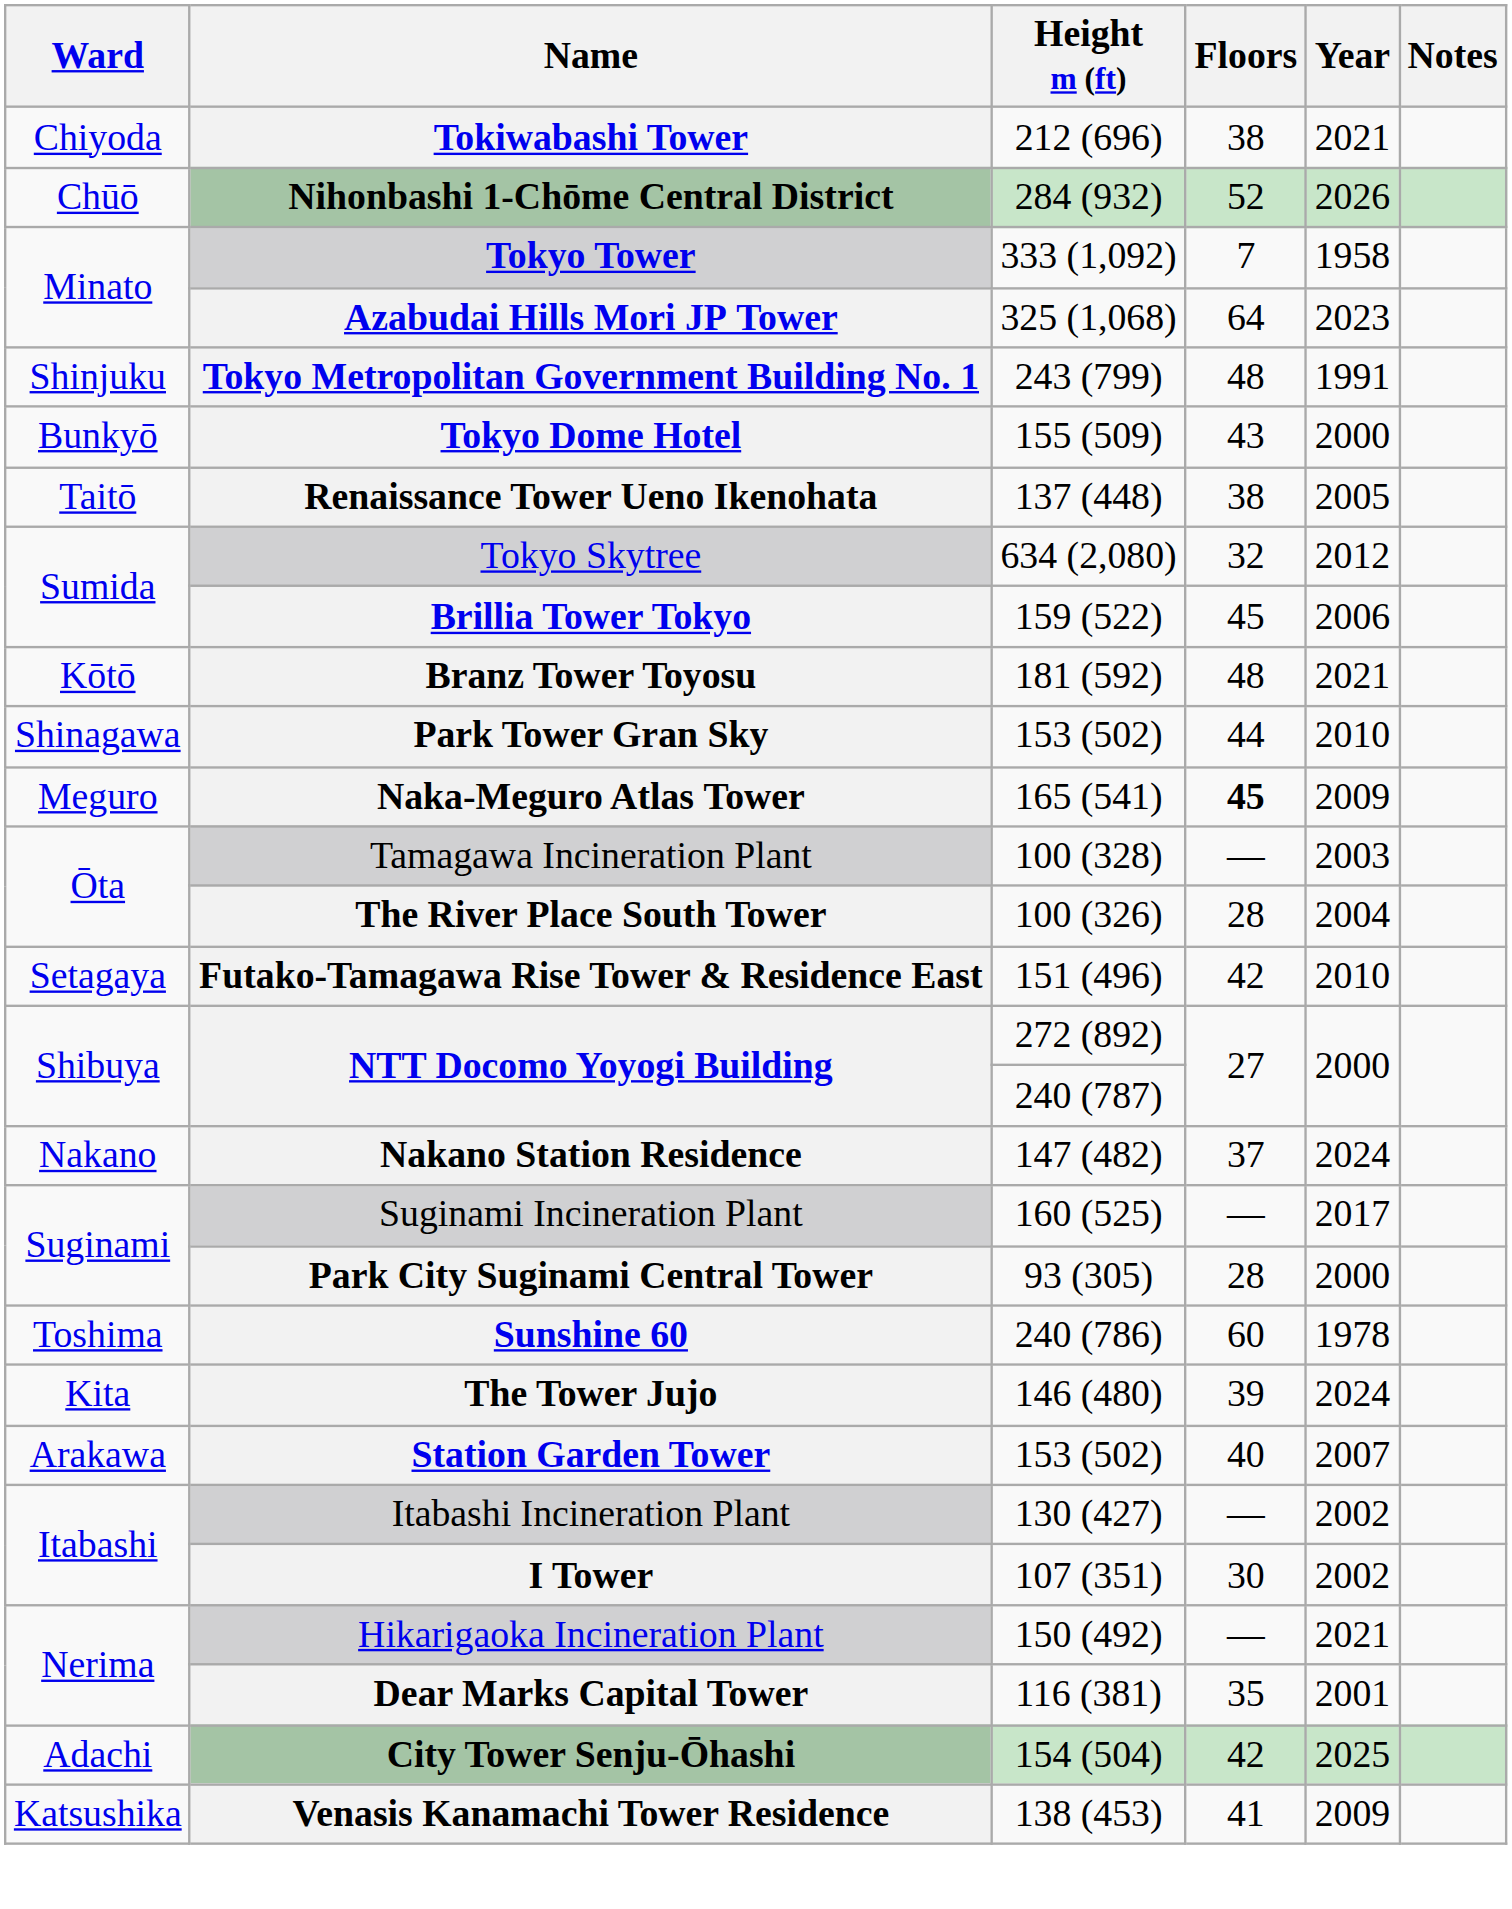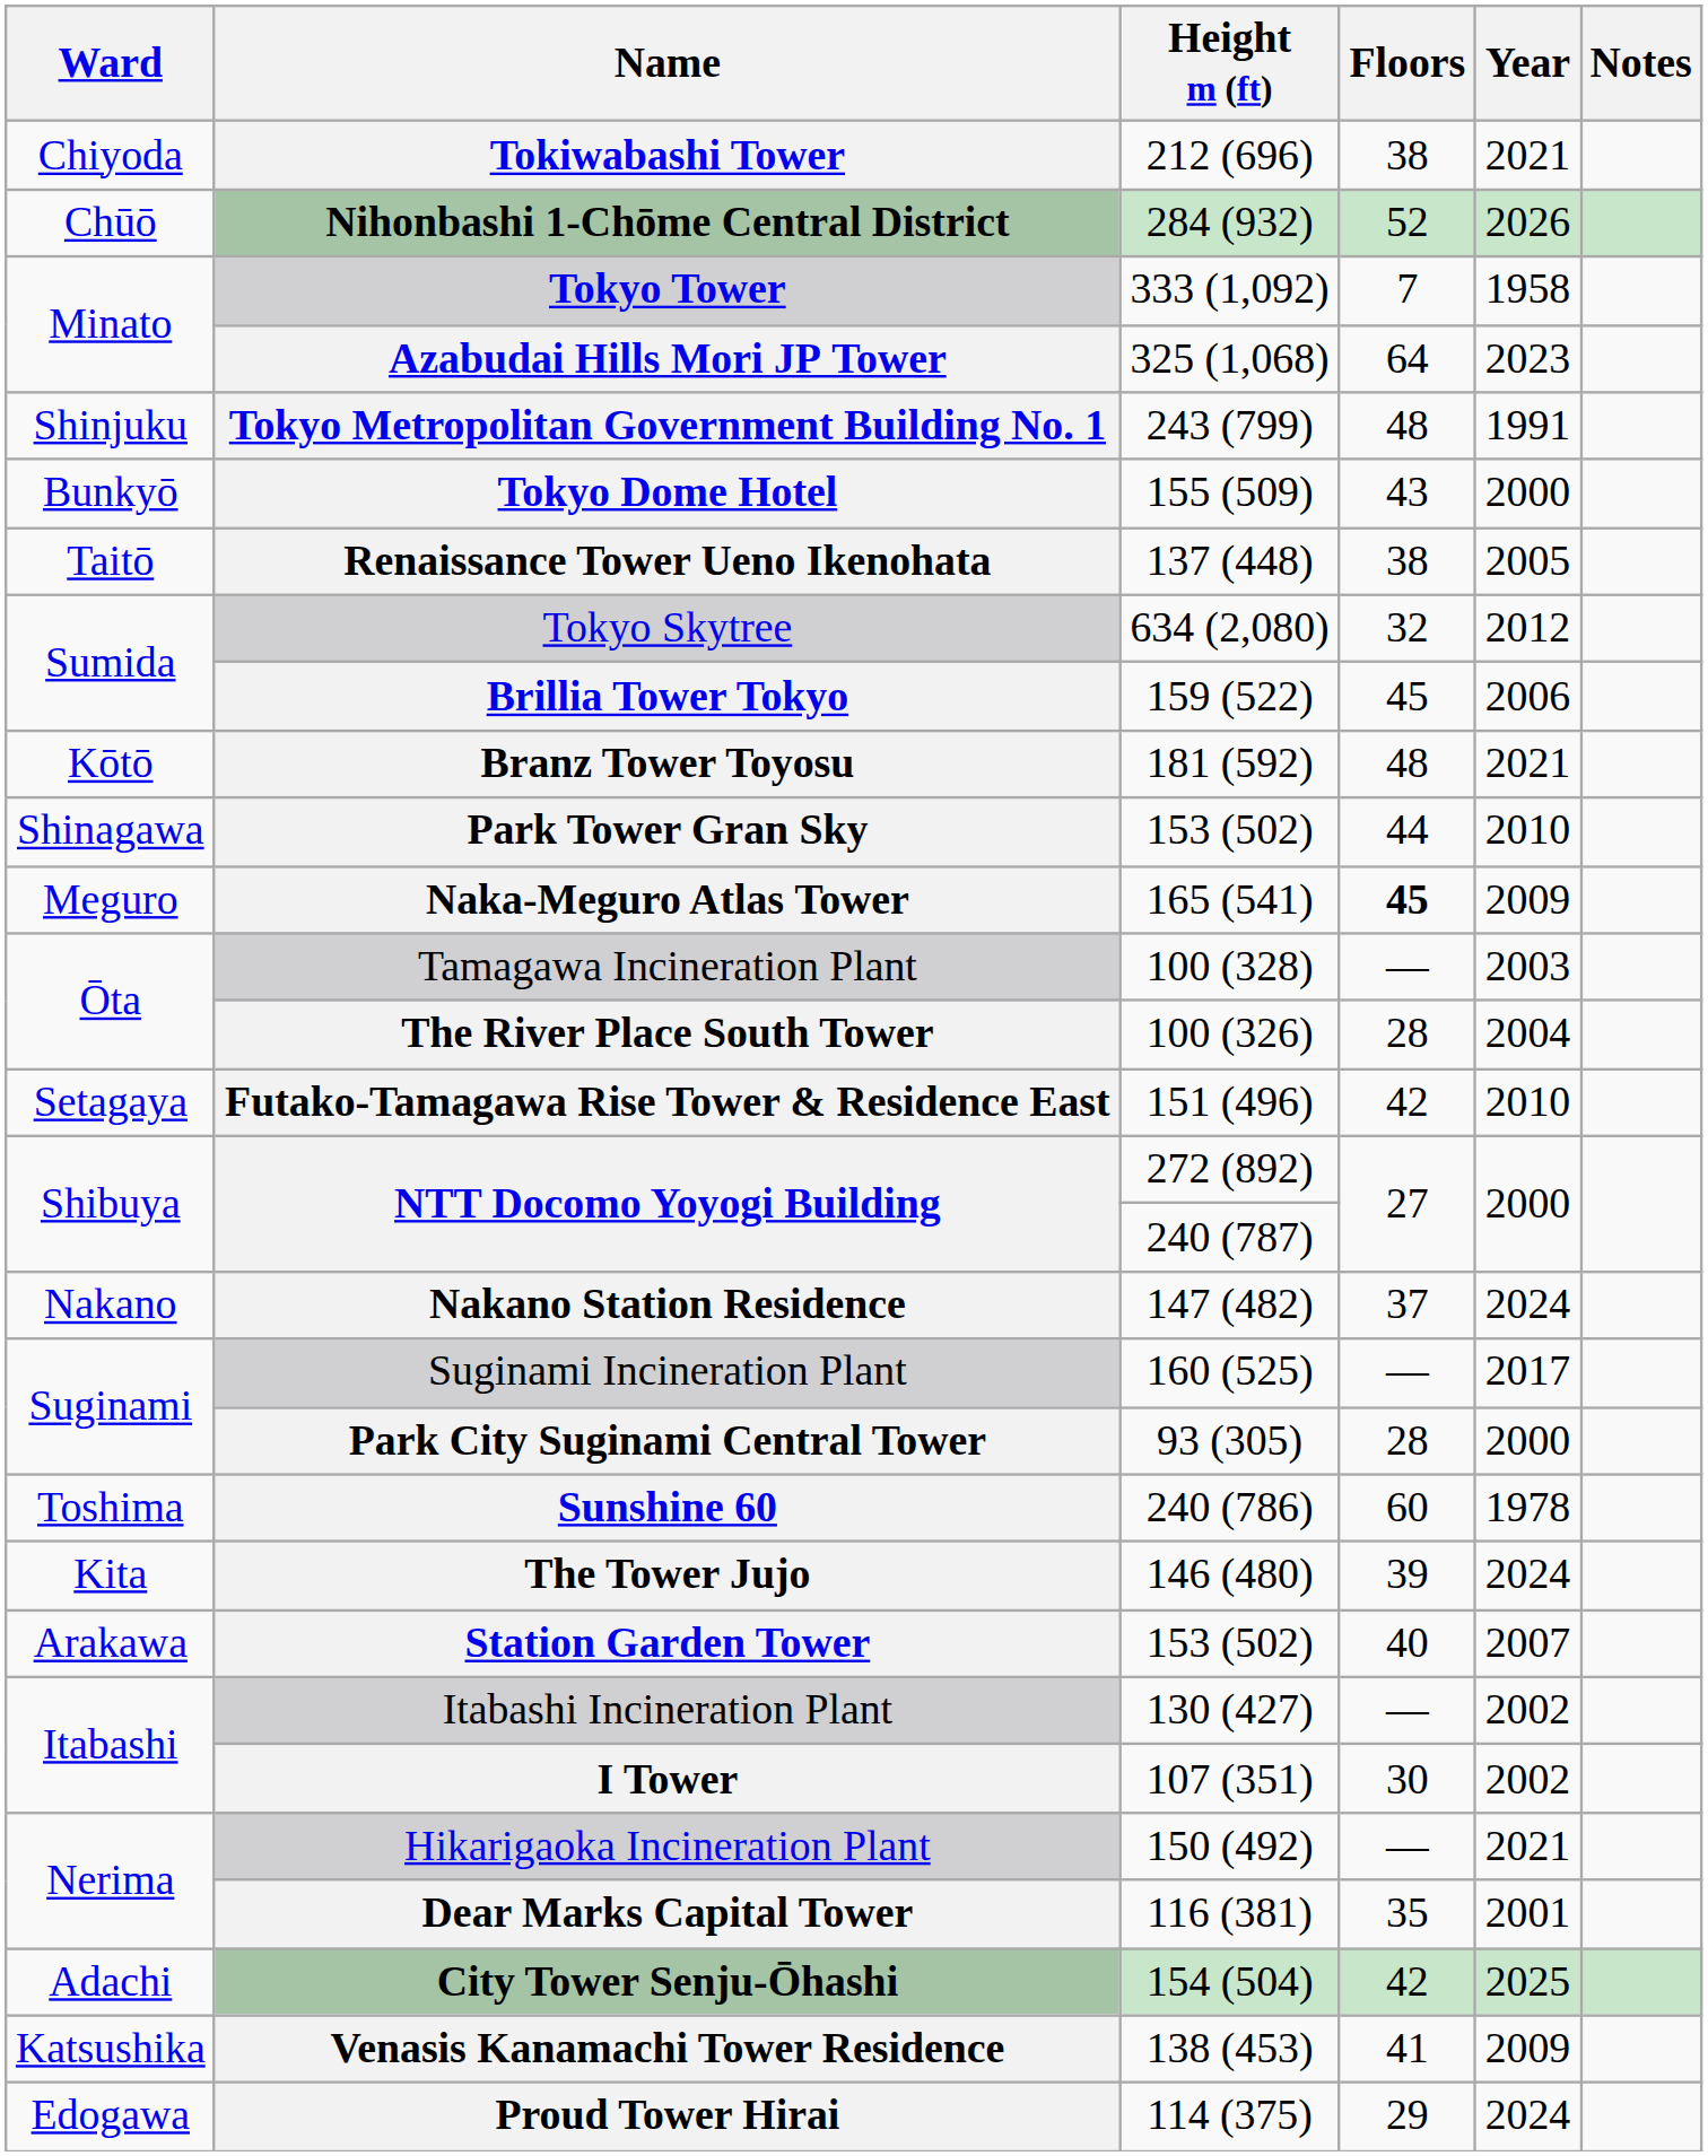 <table class="wikitable sortable plainrowheaders">
 <tr>
 <th scope="col"><a href='#'>Ward</a></th>
 <th scope="col">Name</th>
 <th scope="col" width="75px">Height<br><small><a href='#'>m</a> (<a href='#'>ft</a>)</small></th>
 <th scope="col">Floors</th>
 <th scope="col">Year</th>
 <th class="unsortable" scope="col">Notes</th>
 </tr>
 <tr>
 <td align="center"><a href='#'>Chiyoda</a></td>
 <th scope="row" style="text-align:center"><a href='#'>Tokiwabashi Tower</a></th>
 <td align="center">212 (696)</td>
 <td align="center">38</td>
 <td align="center">2021</td>
 <td></td>
 </tr>
 <tr>
 <td align="center"><a href='#'>Chūō</a></td>
 <th scope="row" style="text-align:center; background-color:#A4C4A5;">Nihonbashi 1-Chōme Central District</th>
 <td align="center" style="background:#C8E6C9;">284 (932)</td>
 <td align="center" style="background:#C8E6C9;">52</td>
 <td align="center" style="background:#C8E6C9;">2026</td>
 <td style="background:#C8E6C9;"></td>
 </tr>
 <tr>
 <td align="center" rowspan="2"><a href='#'>Minato</a></td>
 <th scope="row" style="text-align:center; background-color:#d0d0d2;"><a href='#'>Tokyo Tower</a></th>
 <td align="center" style>333 (1,092)</td>
 <td align="center" style>7</td>
 <td align="center" style>1958</td>
 <td style></td>
 </tr>
 <tr>
 <th scope="row" style="text-align:center"><a href='#'>Azabudai Hills Mori JP Tower</a></th>
 <td align="center">325 (1,068)</td>
 <td align="center">64</td>
 <td align="center">2023</td>
 <td></td>
 </tr>
 <tr>
 <td align="center"><a href='#'>Shinjuku</a></td>
 <th scope="row" style="text-align:center"><a href='#'>Tokyo Metropolitan Government Building No. 1</a></th>
 <td align="center">243 (799)</td>
 <td align="center">48</td>
 <td align="center">1991</td>
 <td></td>
 </tr>
 <tr>
 <td align="center"><a href='#'>Bunkyō</a></td>
 <th scope="row" style="text-align:center"><a href='#'>Tokyo Dome Hotel</a></th>
 <td align="center">155 (509)</td>
 <td align="center">43</td>
 <td align="center">2000</td>
 <td></td>
 </tr>
 <tr>
 <td align="center"><a href='#'>Taitō</a></td>
 <th scope="row" style="text-align:center">Renaissance Tower Ueno Ikenohata</th>
 <td align="center">137 (448)</td>
 <td align="center">38</td>
 <td align="center">2005</td>
 <td></td>
 </tr>
 <tr>
 <td align="center" rowspan="2"><a href='#'>Sumida</a></td>
 <td !scope="row" style="text-align:center; background-color:#d0d0d2;"><a href='#'>Tokyo Skytree</a></td>
 <td align="center" style>634 (2,080)</td>
 <td align="center" style>32</td>
 <td align="center" style>2012</td>
 <td style></td>
 </tr>
 <tr>
 <th scope="row" style="text-align:center"><a href='#'>Brillia Tower Tokyo</a></th>
 <td align="center">159 (522)</td>
 <td align="center">45</td>
 <td align="center">2006</td>
 <td></td>
 </tr>
 <tr>
 <td align="center"><a href='#'>Kōtō</a></td>
 <th scope="row" style="text-align:center">Branz Tower Toyosu</th>
 <td align="center">181 (592)</td>
 <td align="center">48</td>
 <td align="center">2021</td>
 <td></td>
 </tr>
 <tr>
 <td align="center"><a href='#'>Shinagawa</a></td>
 <th scope="row" style="text-align:center">Park Tower Gran Sky</th>
 <td align="center">153 (502)</td>
 <td align="center">44</td>
 <td align="center">2010</td>
 <td></td>
 </tr>
 <tr>
 <td align="center"><a href='#'>Meguro</a></td>
 <th scope="row" style="text-align:center">Naka-Meguro Atlas Tower</th>
 <td align="center">165 (541)</td>
 <td align="center"><strong>45</strong></td>
 <td align="center">2009</td>
 <td></td>
 </tr>
 <tr>
 <td align="center" rowspan="2"><a href='#'>Ōta</a></td>
 <td !scope="row" style="text-align:center; background-color:#d0d0d2;">Tamagawa Incineration Plant</td>
 <td align="center" style>100 (328)</td>
 <td align="center" style>—</td>
 <td align="center" style>2003</td>
 <td style></td>
 </tr>
 <tr>
 <th scope="row" style="text-align:center">The River Place South Tower</th>
 <td align="center">100 (326)</td>
 <td align="center">28</td>
 <td align="center">2004</td>
 <td></td>
 </tr>
 <tr>
 <td align="center"><a href='#'>Setagaya</a></td>
 <th scope="row" style="text-align:center">Futako-Tamagawa Rise Tower & Residence East</th>
 <td align="center">151 (496)</td>
 <td align="center">42</td>
 <td align="center">2010</td>
 <td></td>
 </tr>
 <tr>
 <td align="center" rowspan="2"><a href='#'>Shibuya</a></td>
 <th scope="row" style="text-align:center" rowspan="2"><a href='#'>NTT Docomo Yoyogi Building</a></th>
 <td align="center" style>272 (892)</td>
 <td align="center" rowspan="2">27</td>
 <td align="center" rowspan="2">2000</td>
 <td rowspan="2"></td>
 </tr>
 <tr>
 <td align="center">240 (787)</td>
 </tr>
 <tr>
 <td align="center"><a href='#'>Nakano</a></td>
 <th scope="row" style="text-align:center">Nakano Station Residence</th>
 <td align="center">147 (482)</td>
 <td align="center">37</td>
 <td align="center">2024</td>
 <td></td>
 </tr>
 <tr>
 <td align="center" rowspan="2"><a href='#'>Suginami</a></td>
 <td !scope="row" style="text-align:center; background-color:#d0d0d2;">Suginami Incineration Plant</td>
 <td align="center" style>160 (525)</td>
 <td align="center" style>—</td>
 <td align="center" style>2017</td>
 <td style></td>
 </tr>
 <tr>
 <th scope="row" style="text-align:center">Park City Suginami Central Tower</th>
 <td align="center">93 (305)</td>
 <td align="center">28</td>
 <td align="center">2000</td>
 <td></td>
 </tr>
 <tr>
 <td align="center"><a href='#'>Toshima</a></td>
 <th scope="row" style="text-align:center"><a href='#'>Sunshine 60</a></th>
 <td align="center">240 (786)</td>
 <td align="center">60</td>
 <td align="center">1978</td>
 <td></td>
 </tr>
 <tr>
 <td align="center"><a href='#'>Kita</a></td>
 <th scope="row" style="text-align:center">The Tower Jujo</th>
 <td align="center">146 (480)</td>
 <td align="center">39</td>
 <td align="center">2024</td>
 <td></td>
 </tr>
 <tr>
 <td align="center"><a href='#'>Arakawa</a></td>
 <th scope="row" style="text-align:center"><a href='#'>Station Garden Tower</a></th>
 <td align="center">153 (502)</td>
 <td align="center">40</td>
 <td align="center">2007</td>
 <td></td>
 </tr>
 <tr>
 <td align="center" rowspan="2"><a href='#'>Itabashi</a></td>
 <td !scope="row" style="text-align:center; background-color:#d0d0d2;">Itabashi Incineration Plant</td>
 <td align="center" style>130 (427)</td>
 <td align="center" style>—</td>
 <td align="center" style>2002</td>
 <td style></td>
 </tr>
 <tr>
 <th scope="row" style="text-align:center">I Tower</th>
 <td align="center">107 (351)</td>
 <td align="center">30</td>
 <td align="center">2002</td>
 <td></td>
 </tr>
 <tr>
 <td align="center" rowspan="2"><a href='#'>Nerima</a></td>
 <td !scope="row" style="text-align:center; background-color:#d0d0d2;"><a href='#'>Hikarigaoka Incineration Plant</a></td>
 <td align="center" style>150 (492)</td>
 <td align="center" style>—</td>
 <td align="center" style>2021</td>
 <td style></td>
 </tr>
 <tr>
 <th scope="row" style="text-align:center">Dear Marks Capital Tower</th>
 <td align="center">116 (381)</td>
 <td align="center">35</td>
 <td align="center">2001</td>
 <td></td>
 </tr>
 <tr>
 <td align="center"><a href='#'>Adachi</a></td>
 <th scope="row" style="text-align:center; background-color:#A4C4A5;">City Tower Senju-Ōhashi</th>
 <td align="center" style="background:#C8E6C9;">154 (504)</td>
 <td align="center" style="background:#C8E6C9;">42</td>
 <td align="center" style="background:#C8E6C9;">2025</td>
 <td style="background:#C8E6C9;"></td>
 </tr>
 <tr>
 <td align="center"><a href='#'>Katsushika</a></td>
 <th scope="row" style="text-align:center">Venasis Kanamachi Tower Residence</th>
 <td align="center">138 (453)</td>
 <td align="center">41</td>
 <td align="center">2009</td>
 <td></td>
 </tr>
+<tr>
+<td align="center"><a href='#'>Edogawa</a></td>
+<th scope="row" style="text-align:center">Proud Tower Hirai</th>
+<td align="center">114 (375)</td>
+<td align="center">29</td>
+<td align="center">2024</td>
+<td></td>
+</tr>
 </table>
